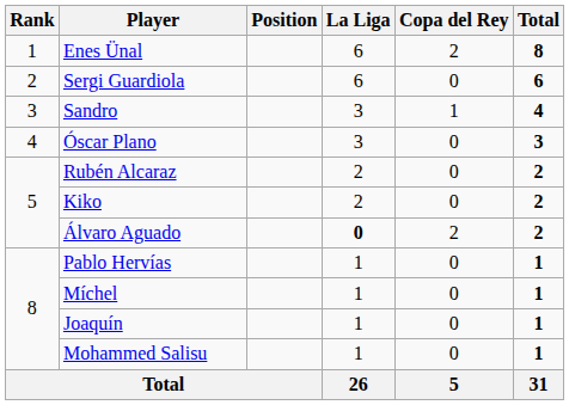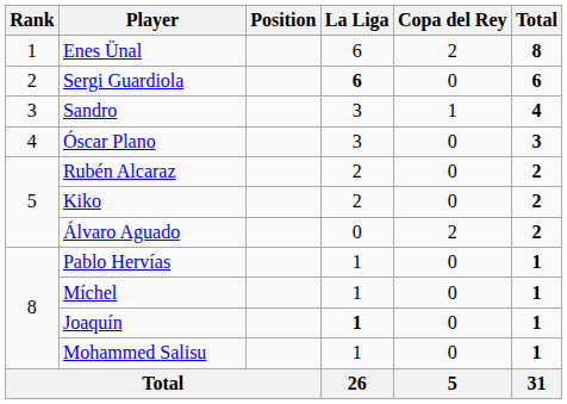 <table class="wikitable">
 <tr>
 <th>Rank</th>
 <th style="width:150px;">Player</th>
 <th>Position</th>
 <th>La Liga</th>
 <th>Copa del Rey</th>
 <th>Total</th>
 </tr>
 <tr>
 <td align=center>1</td>
 <td> <a href='#'>Enes Ünal</a></td>
 <td align=center></td>
 <td align=center>6</td>
 <td align=center>2</td>
 <td align=center><strong>8</strong></td>
 </tr>
 <tr>
 <td align=center>2</td>
 <td> <a href='#'>Sergi Guardiola</a></td>
 <td align=center></td>
-<td align=center>6</td>
+<td align=center><strong>6</strong></td>
 <td align=center>0</td>
 <td align=center><strong>6</strong></td>
 </tr>
 <tr>
 <td align=center>3</td>
 <td> <a href='#'>Sandro</a></td>
 <td align=center></td>
 <td align=center>3</td>
 <td align=center>1</td>
 <td align=center><strong>4</strong></td>
 </tr>
 <tr>
 <td align=center>4</td>
 <td> <a href='#'>Óscar Plano</a></td>
 <td align=center></td>
 <td align=center>3</td>
 <td align=center>0</td>
 <td align=center><strong>3</strong></td>
 </tr>
 <tr>
 <td align=center rowspan=3>5</td>
 <td> <a href='#'>Rubén Alcaraz</a></td>
 <td align=center></td>
 <td align=center>2</td>
 <td align=center>0</td>
 <td align=center><strong>2</strong></td>
 </tr>
 <tr>
 <td> <a href='#'>Kiko</a></td>
 <td align=center></td>
 <td align=center>2</td>
 <td align=center>0</td>
 <td align=center><strong>2</strong></td>
 </tr>
 <tr>
 <td> <a href='#'>Álvaro Aguado</a></td>
 <td align=center></td>
-<td align=center><strong>0</strong></td>
+<td align=center>0</td>
 <td align=center>2</td>
 <td align=center><strong>2</strong></td>
 </tr>
 <tr>
 <td align=center rowspan=4>8</td>
 <td> <a href='#'>Pablo Hervías</a></td>
 <td align=center></td>
 <td align=center>1</td>
 <td align=center>0</td>
 <td align=center><strong>1</strong></td>
 </tr>
 <tr>
 <td> <a href='#'>Míchel</a></td>
 <td align=center></td>
 <td align=center>1</td>
 <td align=center>0</td>
 <td align=center><strong>1</strong></td>
 </tr>
 <tr>
 <td> <a href='#'>Joaquín</a></td>
 <td align=center></td>
-<td align=center>1</td>
+<td align=center><strong>1</strong></td>
 <td align=center>0</td>
 <td align=center><strong>1</strong></td>
 </tr>
 <tr>
 <td> <a href='#'>Mohammed Salisu</a></td>
 <td align=center></td>
 <td align=center>1</td>
 <td align=center>0</td>
 <td align=center><strong>1</strong></td>
 </tr>
 <tr>
 <th align=center colspan=3>Total</th>
 <th align=center>26</th>
 <th align=center>5</th>
 <th align=center>31</th>
 </tr>
 </table>
